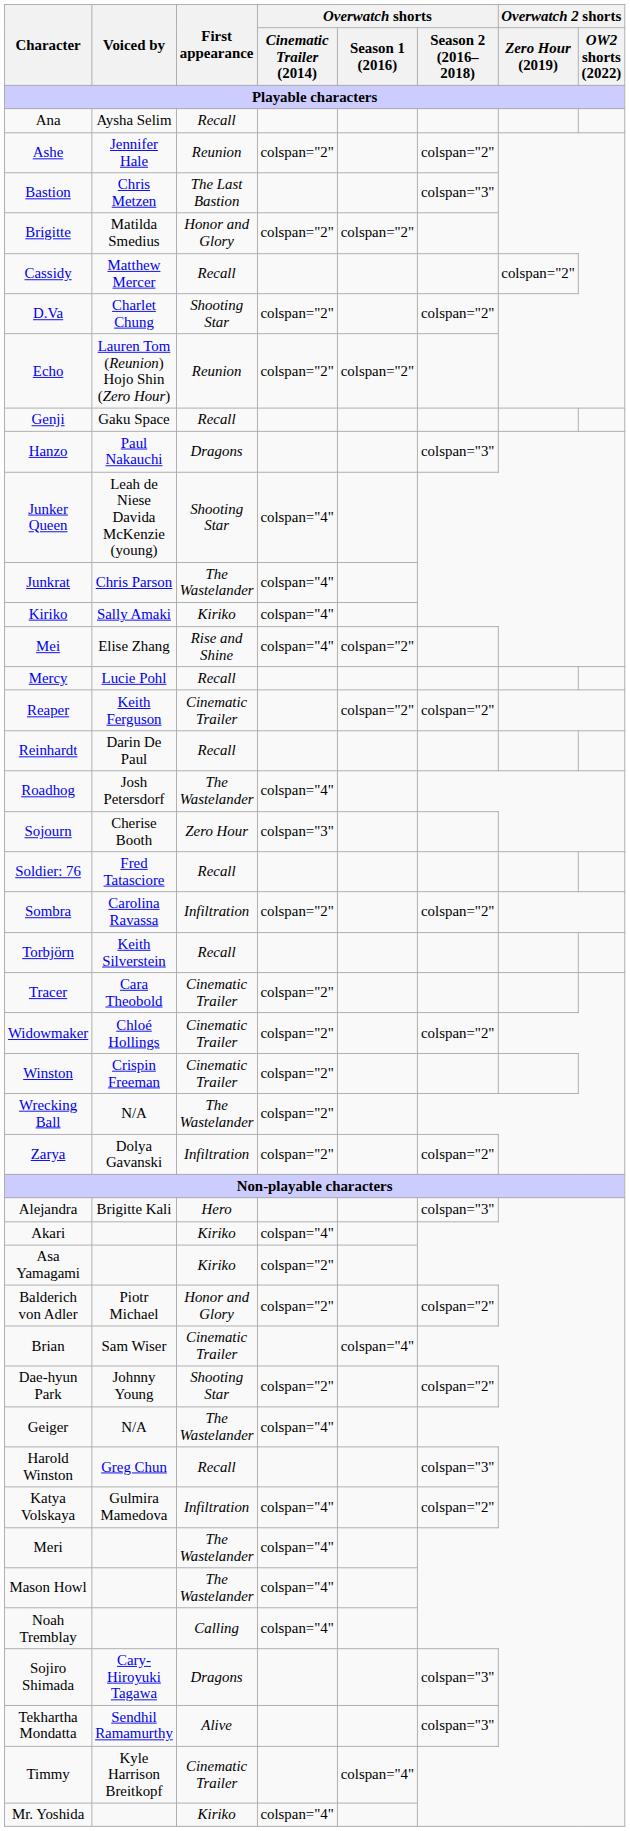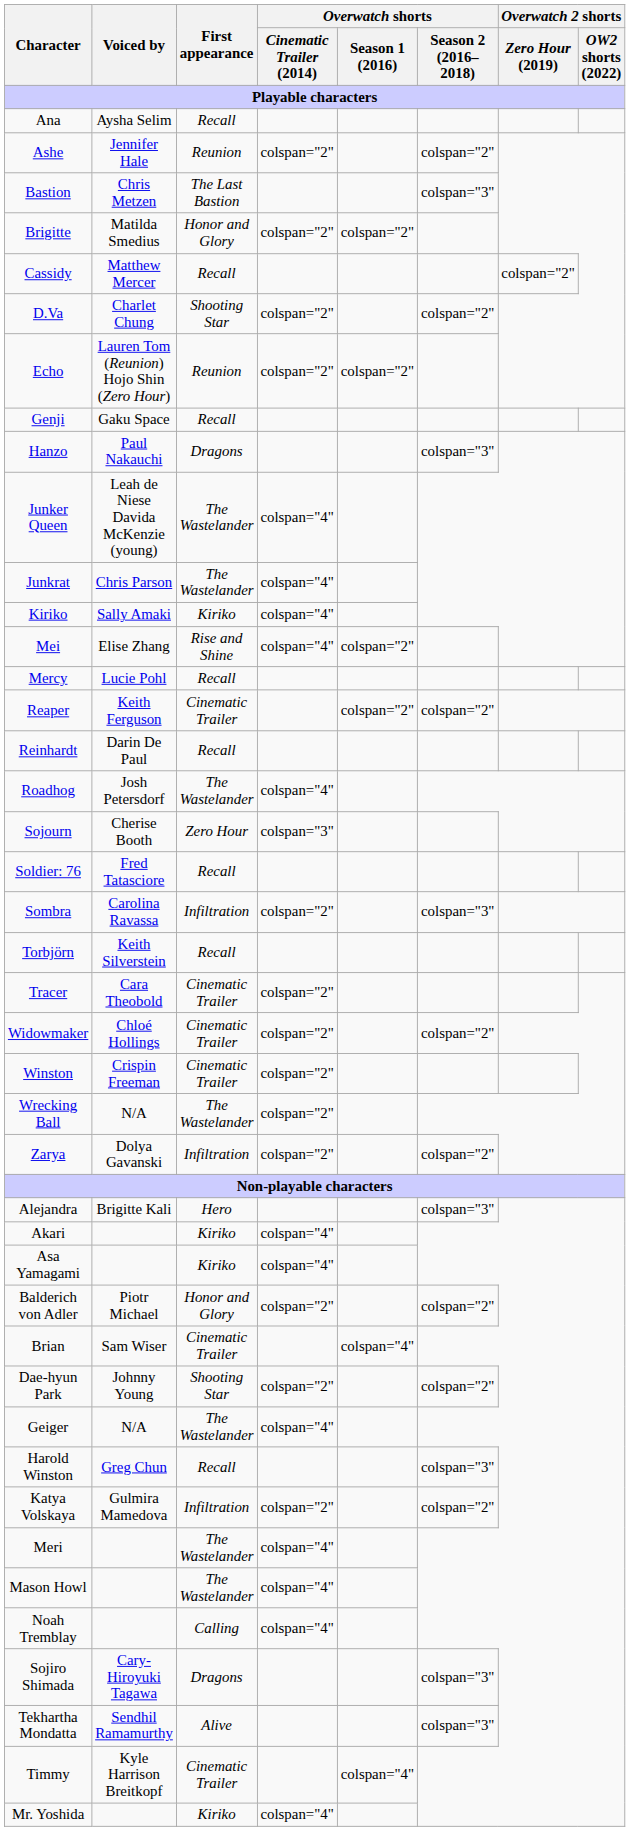 <table class="wikitable plainrowheaders" style="text-align:center;">
 <tr>
 <th scope="col" rowspan="2">Character</th>
 <th scope="col" rowspan="2">Voiced by</th>
 <th scope="col" rowspan="2">First appearance</th>
 <th scope="col" colspan="3"><em>Overwatch</em> shorts</th>
 <th scope="col" colspan="2"><em>Overwatch 2</em> shorts</th>
 </tr>
 <tr>
 <th scope="col" style="width:15%;"><em>Cinematic Trailer</em> <br> (2014)</th>
 <th scope="col" style="width:15%;">Season 1 <br>(2016)</th>
 <th scope="col" style="width:15%;">Season 2 <br>(2016–2018)</th>
 <th scope="col" style="width:15%;"><em>Zero Hour</em> <br> (2019)</th>
 <th scope="col" style="width:15%;"><em>OW2</em> shorts (2022)</th>
 </tr>
 <tr>
 <th colspan="13" style="background:#ccf;">Playable characters</th>
 </tr>
 <tr>
 <td scope="row">Ana</td>
 <td>Aysha Selim</td>
 <td><em>Recall</em></td>
 <td></td>
 <td></td>
 <td></td>
 <td></td>
 <td></td>
 </tr>
 <tr>
 <td scope="row"><a href='#'>Ashe</a></td>
 <td><a href='#'>Jennifer Hale</a></td>
 <td><em>Reunion</em></td>
 <td>colspan="2" </td>
 <td></td>
 <td>colspan="2" </td>
 </tr>
 <tr>
 <td scope="row"><a href='#'>Bastion</a></td>
 <td><a href='#'>Chris Metzen</a></td>
 <td><em>The Last Bastion</em></td>
 <td></td>
 <td></td>
 <td>colspan="3" </td>
 </tr>
 <tr>
 <td scope="row"><a href='#'>Brigitte</a></td>
 <td>Matilda Smedius</td>
 <td><em>Honor and Glory</em></td>
 <td>colspan="2" </td>
 <td>colspan="2" </td>
 <td></td>
 </tr>
 <tr>
 <td scope="row"><a href='#'>Cassidy</a></td>
 <td><a href='#'>Matthew Mercer</a></td>
 <td><em>Recall</em></td>
 <td></td>
 <td></td>
 <td></td>
 <td>colspan="2" </td>
 </tr>
 <tr>
 <td scope="row"><a href='#'>D.Va</a></td>
 <td><a href='#'>Charlet Chung</a></td>
 <td><em>Shooting Star</em></td>
 <td>colspan="2" </td>
 <td></td>
 <td>colspan="2" </td>
 </tr>
 <tr>
 <td scope="row"><a href='#'>Echo</a></td>
 <td><a href='#'>Lauren Tom</a> (<em>Reunion</em>)<br>Hojo Shin (<em>Zero Hour</em>)</td>
 <td><em>Reunion</em></td>
 <td>colspan="2" </td>
 <td>colspan="2" </td>
 <td></td>
 </tr>
 <tr>
 <td scope="row"><a href='#'>Genji</a></td>
 <td>Gaku Space</td>
 <td><em>Recall</em></td>
 <td></td>
 <td></td>
 <td></td>
 <td></td>
 <td></td>
 </tr>
 <tr>
 <td scope="row"><a href='#'>Hanzo</a></td>
 <td><a href='#'>Paul Nakauchi</a></td>
 <td><em>Dragons</em></td>
 <td></td>
 <td></td>
 <td>colspan="3" </td>
 </tr>
 <tr>
 <td scope="row"><a href='#'>Junker Queen</a></td>
 <td>Leah de Niese<br>Davida McKenzie (young)</td>
-<td><em>Shooting Star</em></td>
+<td><em>The Wastelander</em></td>
 <td>colspan="4" </td>
 <td></td>
 </tr>
 <tr>
 <td scope="row"><a href='#'>Junkrat</a></td>
 <td><a href='#'>Chris Parson</a></td>
 <td><em>The Wastelander</em></td>
 <td>colspan="4" </td>
 <td></td>
 </tr>
 <tr>
 <td scope="row"><a href='#'>Kiriko</a></td>
 <td><a href='#'>Sally Amaki</a></td>
 <td><em>Kiriko</em></td>
 <td>colspan="4" </td>
 <td></td>
 </tr>
 <tr>
 <td scope="row"><a href='#'>Mei</a></td>
 <td>Elise Zhang</td>
 <td><em>Rise and Shine</em></td>
 <td>colspan="4" </td>
 <td>colspan="2" </td>
 <td></td>
 </tr>
 <tr>
 <td scope="row"><a href='#'>Mercy</a></td>
 <td><a href='#'>Lucie Pohl</a></td>
 <td><em>Recall</em></td>
 <td></td>
 <td></td>
 <td></td>
 <td></td>
 <td></td>
 </tr>
 <tr>
 <td scope="row"><a href='#'>Reaper</a></td>
 <td><a href='#'>Keith Ferguson</a></td>
 <td><em>Cinematic Trailer</em></td>
 <td></td>
 <td>colspan="2" </td>
 <td>colspan="2" </td>
 </tr>
 <tr>
 <td scope="row"><a href='#'>Reinhardt</a></td>
 <td>Darin De Paul</td>
 <td><em>Recall</em></td>
 <td></td>
 <td></td>
 <td></td>
 <td></td>
 <td></td>
 </tr>
 <tr>
 <td scope="row"><a href='#'>Roadhog</a></td>
 <td>Josh Petersdorf</td>
 <td><em>The Wastelander</em></td>
 <td>colspan="4" </td>
 <td></td>
 </tr>
 <tr>
 <td scope="row"><a href='#'>Sojourn</a></td>
 <td>Cherise Booth</td>
 <td><em>Zero Hour</em></td>
 <td>colspan="3" </td>
 <td></td>
 <td></td>
 </tr>
 <tr>
 <td scope="row"><a href='#'>Soldier: 76</a></td>
 <td><a href='#'>Fred Tatasciore</a></td>
 <td><em>Recall</em></td>
 <td></td>
 <td></td>
 <td></td>
 <td></td>
 <td></td>
 </tr>
 <tr>
 <td scope="row"><a href='#'>Sombra</a></td>
 <td><a href='#'>Carolina Ravassa</a></td>
 <td><em>Infiltration</em></td>
 <td>colspan="2" </td>
 <td></td>
-<td>colspan="2" </td>
+<td>colspan="3" </td>
 </tr>
 <tr>
 <td scope="row"><a href='#'>Torbjörn</a></td>
 <td><a href='#'>Keith Silverstein</a></td>
 <td><em>Recall</em></td>
 <td></td>
 <td></td>
 <td></td>
 <td></td>
 <td></td>
 </tr>
 <tr>
 <td scope="row"><a href='#'>Tracer</a></td>
 <td><a href='#'>Cara Theobold</a></td>
 <td><em>Cinematic Trailer</em></td>
 <td>colspan="2" </td>
 <td></td>
 <td></td>
 <td></td>
 </tr>
 <tr>
 <td scope="row"><a href='#'>Widowmaker</a></td>
 <td><a href='#'>Chloé Hollings</a></td>
 <td><em>Cinematic Trailer</em></td>
 <td>colspan="2" </td>
 <td></td>
 <td>colspan="2" </td>
 </tr>
 <tr>
 <td scope="row"><a href='#'>Winston</a></td>
 <td><a href='#'>Crispin Freeman</a></td>
 <td><em>Cinematic Trailer</em></td>
 <td>colspan="2" </td>
 <td></td>
 <td></td>
 <td></td>
 </tr>
 <tr>
 <td scope="row"><a href='#'>Wrecking Ball</a></td>
 <td>N/A</td>
 <td><em>The Wastelander</em></td>
 <td>colspan="2" </td>
 <td></td>
 </tr>
 <tr>
 <td scope="row"><a href='#'>Zarya</a></td>
 <td>Dolya Gavanski</td>
 <td><em>Infiltration</em></td>
 <td>colspan="2" </td>
 <td></td>
 <td>colspan="2" </td>
 </tr>
 <tr>
 <th colspan="13" style="background:#ccf;">Non-playable characters</th>
 </tr>
 <tr>
 <td scope="row">Alejandra</td>
 <td>Brigitte Kali</td>
 <td><em>Hero</em></td>
 <td></td>
 <td></td>
 <td>colspan="3" </td>
 </tr>
 <tr>
 <td scope="row">Akari</td>
 <td></td>
 <td><em>Kiriko</em></td>
 <td>colspan="4" </td>
 <td><br></td>
 </tr>
 <tr>
 <td scope="row">Asa Yamagami</td>
 <td></td>
 <td><em>Kiriko</em></td>
-<td>colspan="2" </td>
+<td>colspan="4" </td>
 <td></td>
 </tr>
 <tr>
 <td scope="row">Balderich von Adler</td>
 <td>Piotr Michael</td>
 <td><em>Honor and Glory</em></td>
 <td>colspan="2" </td>
 <td></td>
 <td>colspan="2" </td>
 </tr>
 <tr>
 <td scope="row">Brian</td>
 <td>Sam Wiser</td>
 <td><em>Cinematic Trailer</em></td>
 <td></td>
 <td>colspan="4" </td>
 </tr>
 <tr>
 <td scope="row">Dae-hyun Park</td>
 <td>Johnny Young</td>
 <td><em>Shooting Star</em></td>
 <td>colspan="2" </td>
 <td></td>
 <td>colspan="2" </td>
 </tr>
 <tr>
 <td scope="row">Geiger</td>
 <td>N/A</td>
 <td><em>The Wastelander</em></td>
 <td>colspan="4" </td>
 <td></td>
 </tr>
 <tr>
 <td scope="row">Harold Winston</td>
 <td><a href='#'>Greg Chun</a></td>
 <td><em>Recall</em></td>
 <td></td>
 <td></td>
 <td>colspan="3" </td>
 </tr>
 <tr>
 <td scope="row">Katya Volskaya</td>
 <td>Gulmira Mamedova</td>
 <td><em>Infiltration</em></td>
-<td>colspan="4" </td>
+<td>colspan="2" </td>
 <td></td>
 <td>colspan="2" <br></td>
 </tr>
 <tr>
 <td scope="row">Meri</td>
 <td></td>
 <td><em>The Wastelander</em></td>
 <td>colspan="4" </td>
 <td></td>
 </tr>
 <tr>
 <td scope="row">Mason Howl</td>
 <td></td>
 <td><em>The Wastelander</em></td>
 <td>colspan="4" </td>
 <td></td>
 </tr>
 <tr>
 <td scope="row">Noah Tremblay</td>
 <td></td>
 <td><em>Calling</em></td>
 <td>colspan="4" </td>
 <td></td>
 </tr>
 <tr>
 <td scope="row">Sojiro Shimada</td>
 <td><a href='#'>Cary-Hiroyuki Tagawa</a></td>
 <td><em>Dragons</em></td>
 <td></td>
 <td></td>
 <td>colspan="3" </td>
 </tr>
 <tr>
 <td scope="row">Tekhartha Mondatta</td>
 <td><a href='#'>Sendhil Ramamurthy</a></td>
 <td><em>Alive</em></td>
 <td></td>
 <td></td>
 <td>colspan="3" </td>
 </tr>
 <tr>
 <td scope="row">Timmy</td>
 <td>Kyle Harrison Breitkopf</td>
 <td><em>Cinematic Trailer</em></td>
 <td></td>
 <td>colspan="4" </td>
 </tr>
 <tr>
 <td scope="row">Mr. Yoshida</td>
 <td></td>
 <td><em>Kiriko</em></td>
 <td>colspan="4" </td>
 <td></td>
 </tr>
 </table>
